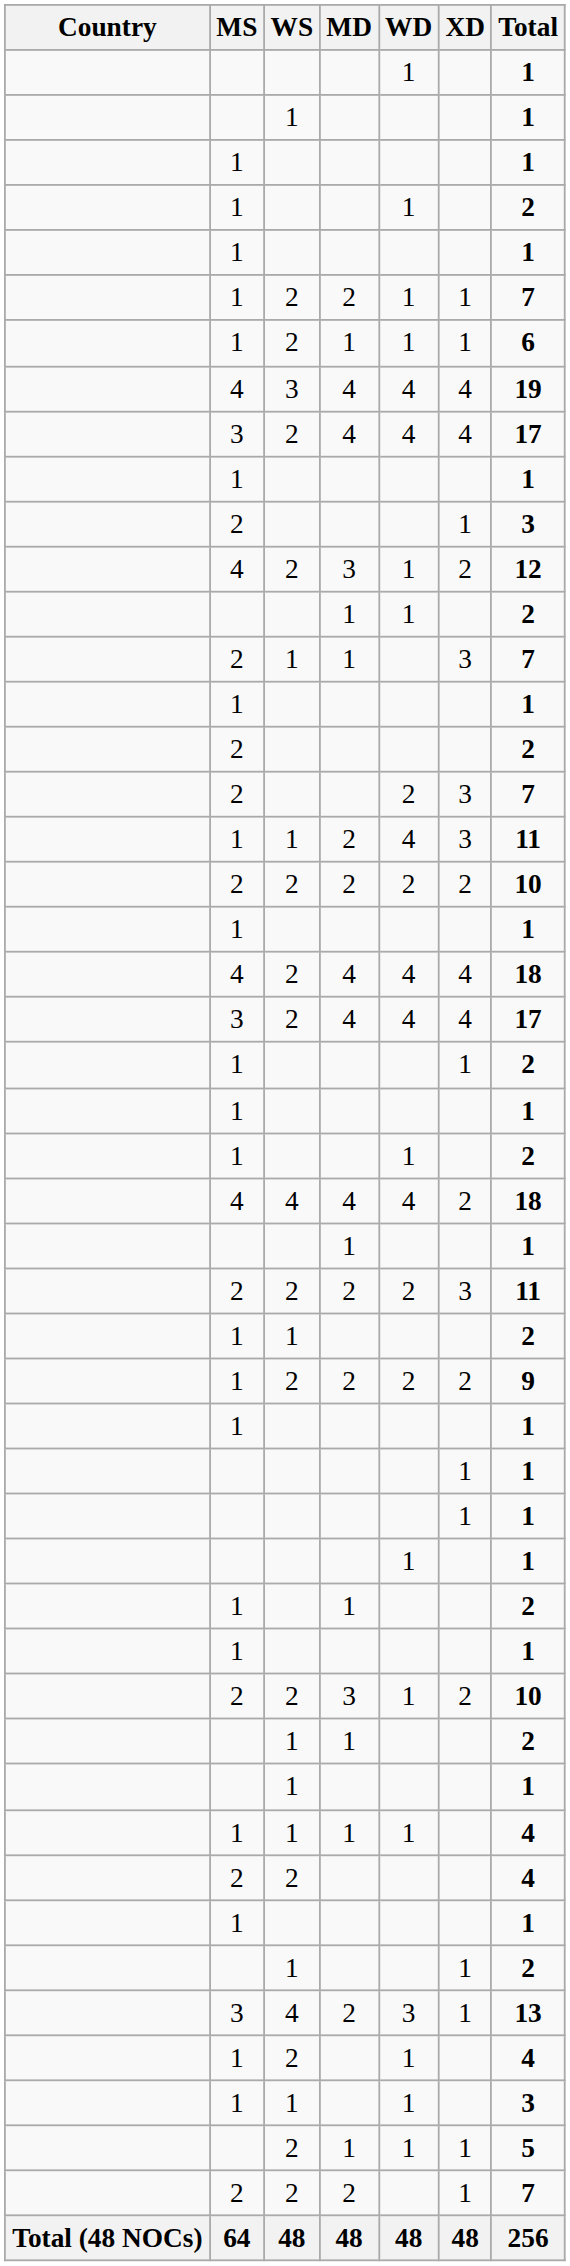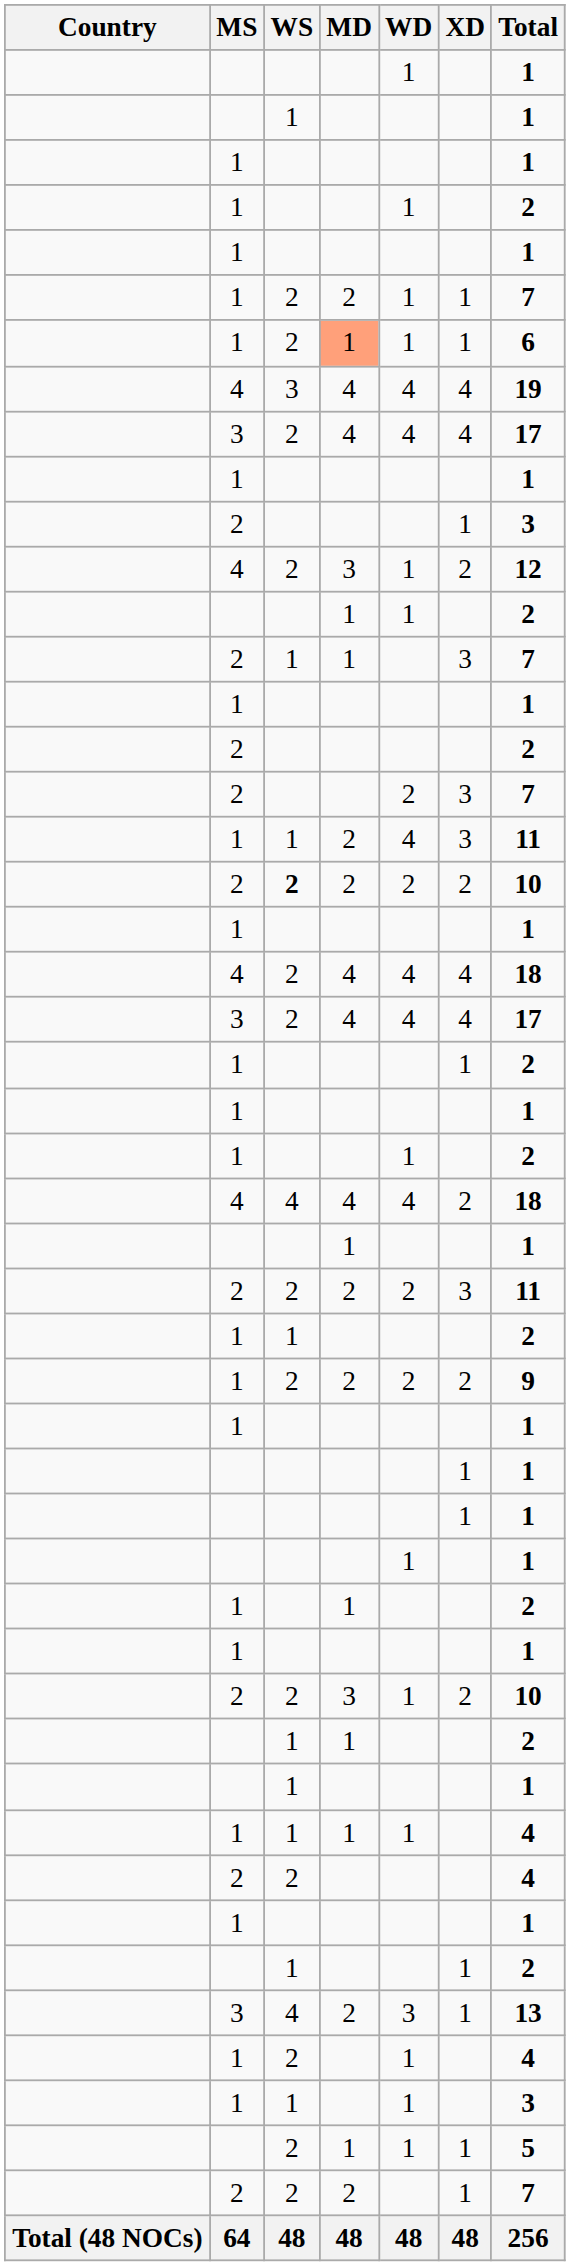 <table class="wikitable" style="font-size:95%; text-align:center; width:50%">
 <tr>
 <th>Country</th>
 <th>MS</th>
 <th>WS</th>
 <th>MD</th>
 <th>WD</th>
 <th>XD</th>
 <th>Total</th>
 </tr>
 <tr>
 <td align="left"></td>
 <td></td>
 <td></td>
 <td></td>
 <td>1</td>
 <td></td>
 <td><strong>1</strong></td>
 </tr>
 <tr>
 <td align="left"></td>
 <td></td>
 <td>1</td>
 <td></td>
 <td></td>
 <td></td>
 <td><strong>1</strong></td>
 </tr>
 <tr>
 <td align="left"></td>
 <td>1</td>
 <td></td>
 <td></td>
 <td></td>
 <td></td>
 <td><strong>1</strong></td>
 </tr>
 <tr>
 <td align="left"></td>
 <td>1</td>
 <td></td>
 <td></td>
 <td>1</td>
 <td></td>
 <td><strong>2</strong></td>
 </tr>
 <tr>
 <td align="left"></td>
 <td>1</td>
 <td></td>
 <td></td>
 <td></td>
 <td></td>
 <td><strong>1</strong></td>
 </tr>
 <tr>
 <td align="left"></td>
 <td>1</td>
 <td>2</td>
 <td>2</td>
 <td>1</td>
 <td>1</td>
 <td><strong>7</strong></td>
 </tr>
 <tr>
 <td align="left"></td>
 <td>1</td>
 <td>2</td>
-<td>1</td>
+<td style="background: lightsalmon;">1</td>
 <td>1</td>
 <td>1</td>
 <td><strong>6</strong></td>
 </tr>
 <tr>
 <td align="left"></td>
 <td>4</td>
 <td>3</td>
 <td>4</td>
 <td>4</td>
 <td>4</td>
 <td><strong>19</strong></td>
 </tr>
 <tr>
 <td align="left"></td>
 <td>3</td>
 <td>2</td>
 <td>4</td>
 <td>4</td>
 <td>4</td>
 <td><strong>17</strong></td>
 </tr>
 <tr>
 <td align="left"></td>
 <td>1</td>
 <td></td>
 <td></td>
 <td></td>
 <td></td>
 <td><strong>1</strong></td>
 </tr>
 <tr>
 <td align="left"></td>
 <td>2</td>
 <td></td>
 <td></td>
 <td></td>
 <td>1</td>
 <td><strong>3</strong></td>
 </tr>
 <tr>
 <td align="left"></td>
 <td>4</td>
 <td>2</td>
 <td>3</td>
 <td>1</td>
 <td>2</td>
 <td><strong>12</strong></td>
 </tr>
 <tr>
 <td align="left"></td>
 <td></td>
 <td></td>
 <td>1</td>
 <td>1</td>
 <td></td>
 <td><strong>2</strong></td>
 </tr>
 <tr>
 <td align="left"></td>
 <td>2</td>
 <td>1</td>
 <td>1</td>
 <td></td>
 <td>3</td>
 <td><strong>7</strong></td>
 </tr>
 <tr>
 <td align="left"></td>
 <td>1</td>
 <td></td>
 <td></td>
 <td></td>
 <td></td>
 <td><strong>1</strong></td>
 </tr>
 <tr>
 <td align="left"></td>
 <td>2</td>
 <td></td>
 <td></td>
 <td></td>
 <td></td>
 <td><strong>2</strong></td>
 </tr>
 <tr>
 <td align="left"></td>
 <td>2</td>
 <td></td>
 <td></td>
 <td>2</td>
 <td>3</td>
 <td><strong>7</strong></td>
 </tr>
 <tr>
 <td align="left"></td>
 <td>1</td>
 <td>1</td>
 <td>2</td>
 <td>4</td>
 <td>3</td>
 <td><strong>11</strong></td>
 </tr>
 <tr>
 <td align="left"></td>
 <td>2</td>
-<td>2</td>
+<td><strong>2</strong></td>
 <td>2</td>
 <td>2</td>
 <td>2</td>
 <td><strong>10</strong></td>
 </tr>
 <tr>
 <td align="left"></td>
 <td>1</td>
 <td></td>
 <td></td>
 <td></td>
 <td></td>
 <td><strong>1</strong></td>
 </tr>
 <tr>
 <td align="left"></td>
 <td>4</td>
 <td>2</td>
 <td>4</td>
 <td>4</td>
 <td>4</td>
 <td><strong>18</strong></td>
 </tr>
 <tr>
 <td align="left"></td>
 <td>3</td>
 <td>2</td>
 <td>4</td>
 <td>4</td>
 <td>4</td>
 <td><strong>17</strong></td>
 </tr>
 <tr>
 <td align="left"></td>
 <td>1</td>
 <td></td>
 <td></td>
 <td></td>
 <td>1</td>
 <td><strong>2</strong></td>
 </tr>
 <tr>
 <td align="left"></td>
 <td>1</td>
 <td></td>
 <td></td>
 <td></td>
 <td></td>
 <td><strong>1</strong></td>
 </tr>
 <tr>
 <td align="left"></td>
 <td>1</td>
 <td></td>
 <td></td>
 <td>1</td>
 <td></td>
 <td><strong>2</strong></td>
 </tr>
 <tr>
 <td align="left"></td>
 <td>4</td>
 <td>4</td>
 <td>4</td>
 <td>4</td>
 <td>2</td>
 <td><strong>18</strong></td>
 </tr>
 <tr>
 <td align="left"></td>
 <td></td>
 <td></td>
 <td>1</td>
 <td></td>
 <td></td>
 <td><strong>1</strong></td>
 </tr>
 <tr>
 <td align="left"></td>
 <td>2</td>
 <td>2</td>
 <td>2</td>
 <td>2</td>
 <td>3</td>
 <td><strong>11</strong></td>
 </tr>
 <tr>
 <td align="left"></td>
 <td>1</td>
 <td>1</td>
 <td></td>
 <td></td>
 <td></td>
 <td><strong>2</strong></td>
 </tr>
 <tr>
 <td align="left"></td>
 <td>1</td>
 <td>2</td>
 <td>2</td>
 <td>2</td>
 <td>2</td>
 <td><strong>9</strong></td>
 </tr>
 <tr>
 <td align="left"></td>
 <td>1</td>
 <td></td>
 <td></td>
 <td></td>
 <td></td>
 <td><strong>1</strong></td>
 </tr>
 <tr>
 <td align="left"></td>
 <td></td>
 <td></td>
 <td></td>
 <td></td>
 <td>1</td>
 <td><strong>1</strong></td>
 </tr>
 <tr>
 <td align="left"></td>
 <td></td>
 <td></td>
 <td></td>
 <td></td>
 <td>1</td>
 <td><strong>1</strong></td>
 </tr>
 <tr>
 <td align="left"></td>
 <td></td>
 <td></td>
 <td></td>
 <td>1</td>
 <td></td>
 <td><strong>1</strong></td>
 </tr>
 <tr>
 <td align="left"></td>
 <td>1</td>
 <td></td>
 <td>1</td>
 <td></td>
 <td></td>
 <td><strong>2</strong></td>
 </tr>
 <tr>
 <td align="left"></td>
 <td>1</td>
 <td></td>
 <td></td>
 <td></td>
 <td></td>
 <td><strong>1</strong></td>
 </tr>
 <tr>
 <td align="left"></td>
 <td>2</td>
 <td>2</td>
 <td>3</td>
 <td>1</td>
 <td>2</td>
 <td><strong>10</strong></td>
 </tr>
 <tr>
 <td align="left"></td>
 <td></td>
 <td>1</td>
 <td>1</td>
 <td></td>
 <td></td>
 <td><strong>2</strong></td>
 </tr>
 <tr>
 <td align="left"></td>
 <td></td>
 <td>1</td>
 <td></td>
 <td></td>
 <td></td>
 <td><strong>1</strong></td>
 </tr>
 <tr>
 <td align="left"></td>
 <td>1</td>
 <td>1</td>
 <td>1</td>
 <td>1</td>
 <td></td>
 <td><strong>4</strong></td>
 </tr>
 <tr>
 <td align="left"></td>
 <td>2</td>
 <td>2</td>
 <td></td>
 <td></td>
 <td></td>
 <td><strong>4</strong></td>
 </tr>
 <tr>
 <td align="left"></td>
 <td>1</td>
 <td></td>
 <td></td>
 <td></td>
 <td></td>
 <td><strong>1</strong></td>
 </tr>
 <tr>
 <td align="left"></td>
 <td></td>
 <td>1</td>
 <td></td>
 <td></td>
 <td>1</td>
 <td><strong>2</strong></td>
 </tr>
 <tr>
 <td align="left"></td>
 <td>3</td>
 <td>4</td>
 <td>2</td>
 <td>3</td>
 <td>1</td>
 <td><strong>13</strong></td>
 </tr>
 <tr>
 <td align="left"></td>
 <td>1</td>
 <td>2</td>
 <td></td>
 <td>1</td>
 <td></td>
 <td><strong>4</strong></td>
 </tr>
 <tr>
 <td align="left"></td>
 <td>1</td>
 <td>1</td>
 <td></td>
 <td>1</td>
 <td></td>
 <td><strong>3</strong></td>
 </tr>
 <tr>
 <td align="left"></td>
 <td></td>
 <td>2</td>
 <td>1</td>
 <td>1</td>
 <td>1</td>
 <td><strong>5</strong></td>
 </tr>
 <tr>
 <td align="left"></td>
 <td>2</td>
 <td>2</td>
 <td>2</td>
 <td></td>
 <td>1</td>
 <td><strong>7</strong></td>
 </tr>
 <tr>
 <th>Total (48 NOCs)</th>
 <th>64</th>
 <th>48</th>
 <th>48</th>
 <th>48</th>
 <th>48</th>
 <th>256</th>
 </tr>
 </table>
